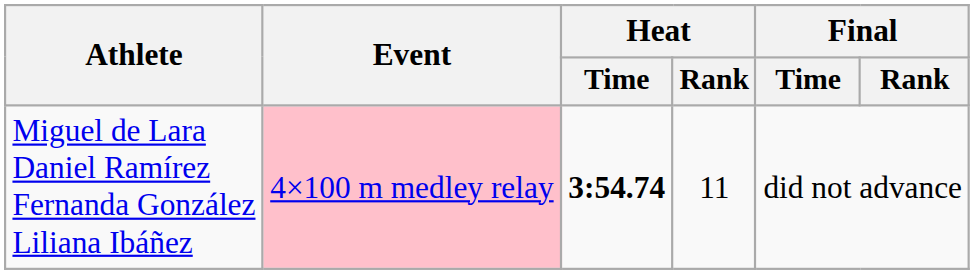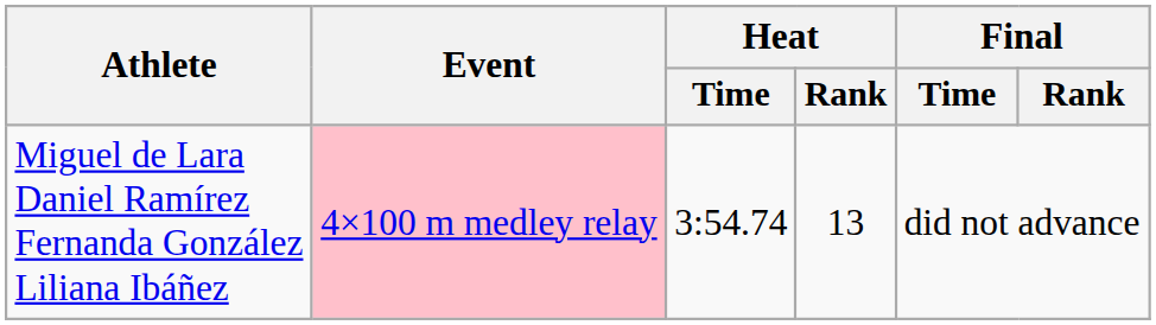 <table class=wikitable style="font-size:90%">
 <tr>
 <th rowspan="2">Athlete</th>
 <th rowspan="2">Event</th>
 <th colspan="2">Heat</th>
 <th colspan="2">Final</th>
 </tr>
 <tr style="font-size:95%">
 <th>Time</th>
 <th>Rank</th>
 <th>Time</th>
 <th>Rank</th>
 </tr>
 <tr align=center>
 <td align=left><a href='#'>Miguel de Lara</a><br><a href='#'>Daniel Ramírez</a><br><a href='#'>Fernanda González</a><br><a href='#'>Liliana Ibáñez</a></td>
 <td align=left style="background: pink;"><a href='#'>4×100 m medley relay</a></td>
-<td><strong>3:54.74</strong></td>
-<td>11</td>
+<td>3:54.74</td>
+<td>13</td>
 <td colspan=2>did not advance</td>
 </tr>
 </table>
